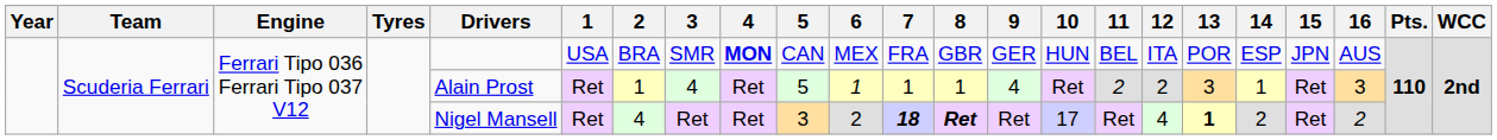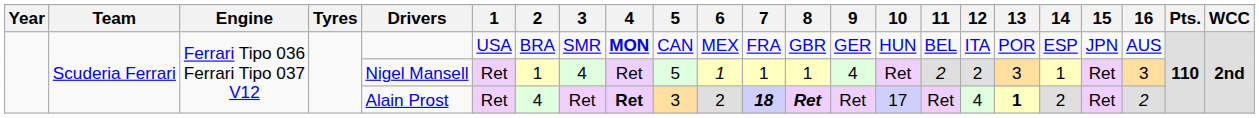 <table class="wikitable" style="text-align:center; font-size:95%">
 <tr>
 <th>Year</th>
 <th>Team</th>
 <th>Engine</th>
 <th>Tyres</th>
 <th>Drivers</th>
 <th>1</th>
 <th>2</th>
 <th>3</th>
 <th>4</th>
 <th>5</th>
 <th>6</th>
 <th>7</th>
 <th>8</th>
 <th>9</th>
 <th>10</th>
 <th>11</th>
 <th>12</th>
 <th>13</th>
 <th>14</th>
 <th>15</th>
 <th>16</th>
 <th>Pts.</th>
 <th>WCC</th>
 </tr>
 <tr>
 <td rowspan="3"></td>
 <td rowspan="3"><a href='#'>Scuderia Ferrari</a></td>
 <td rowspan="3"><a href='#'>Ferrari</a> Tipo 036<br>Ferrari Tipo 037<br><a href='#'>V12</a></td>
 <td rowspan="3"></td>
 <td></td>
 <td><a href='#'>USA</a></td>
 <td><a href='#'>BRA</a></td>
 <td><a href='#'>SMR</a></td>
 <td><strong><a href='#'>MON</a></strong></td>
 <td><a href='#'>CAN</a></td>
 <td><a href='#'>MEX</a></td>
 <td><a href='#'>FRA</a></td>
 <td><a href='#'>GBR</a></td>
 <td><a href='#'>GER</a></td>
 <td><a href='#'>HUN</a></td>
 <td><a href='#'>BEL</a></td>
 <td><a href='#'>ITA</a></td>
 <td><a href='#'>POR</a></td>
 <td><a href='#'>ESP</a></td>
 <td><a href='#'>JPN</a></td>
 <td><a href='#'>AUS</a></td>
 <td rowspan="3" style="background:#dfdfdf;"><strong>110</strong></td>
 <td rowspan="3" style="background:#dfdfdf;"><strong>2nd</strong></td>
 </tr>
 <tr>
-<td align="left"> <a href='#'>Alain Prost</a></td>
+<td align="left"> <a href='#'>Nigel Mansell</a></td>
 <td style="background:#efcfff;">Ret</td>
 <td style="background:#ffffbf;">1</td>
 <td style="background:#dfffdf;">4</td>
 <td style="background:#efcfff;">Ret</td>
 <td style="background:#dfffdf;">5</td>
 <td style="background:#ffffbf;"><em>1</em></td>
 <td style="background:#ffffbf;">1</td>
 <td style="background:#ffffbf;">1</td>
 <td style="background:#dfffdf;">4</td>
 <td style="background:#efcfff;">Ret</td>
 <td style="background:#dfdfdf;"><em>2</em></td>
 <td style="background:#dfdfdf;">2</td>
 <td style="background:#ffdf9f;">3</td>
 <td style="background:#ffffbf;">1</td>
 <td style="background:#efcfff;">Ret</td>
 <td style="background:#ffdf9f;">3</td>
 </tr>
 <tr>
-<td align="left"> <a href='#'>Nigel Mansell</a></td>
+<td align="left"> <a href='#'>Alain Prost</a></td>
 <td style="background:#efcfff;">Ret</td>
 <td style="background:#dfffdf;">4</td>
 <td style="background:#efcfff;">Ret</td>
-<td style="background:#efcfff;">Ret</td>
+<td style="background:#efcfff;"><strong>Ret</strong></td>
 <td style="background:#ffdf9f;">3</td>
 <td style="background:#dfdfdf;">2</td>
 <td style="background:#cfcfff;"><strong><em>18</em></strong></td>
 <td style="background:#efcfff;"><strong><em>Ret</em></strong></td>
 <td style="background:#efcfff;">Ret</td>
 <td style="background:#cfcfff;">17</td>
 <td style="background:#efcfff;">Ret</td>
 <td style="background:#dfffdf;">4</td>
 <td style="background:#ffffbf;"><strong>1</strong></td>
 <td style="background:#dfdfdf;">2</td>
 <td style="background:#efcfff;">Ret</td>
 <td style="background:#dfdfdf;"><em>2</em></td>
 </tr>
 </table>
